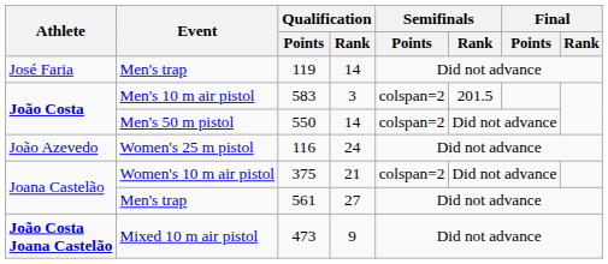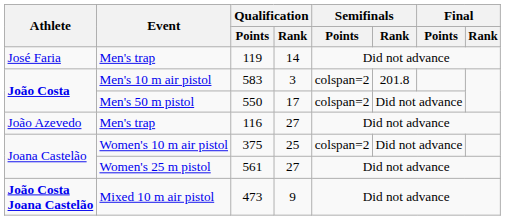 <table class="wikitable" style="font-size:90%; text-align:center;">
 <tr>
 <th rowspan=2>Athlete</th>
 <th rowspan=2>Event</th>
 <th colspan=2>Qualification</th>
 <th colspan=2>Semifinals</th>
 <th colspan=2>Final</th>
 </tr>
 <tr style="font-size:95%">
 <th>Points</th>
 <th>Rank</th>
 <th>Points</th>
 <th>Rank</th>
 <th>Points</th>
 <th>Rank</th>
 </tr>
 <tr>
 <td align=left><a href='#'>José Faria</a></td>
 <td align=left><a href='#'>Men's trap</a></td>
 <td>119</td>
 <td>14</td>
 <td colspan=4>Did not advance</td>
 </tr>
 <tr>
 <td align=left rowspan=2><strong><a href='#'>João Costa</a></strong></td>
 <td align=left><a href='#'>Men's 10 m air pistol</a></td>
 <td>583</td>
 <td>3 <strong></strong></td>
 <td>colspan=2 </td>
-<td>201.5</td>
+<td>201.8</td>
 <td></td>
 </tr>
 <tr>
 <td align=left><a href='#'>Men's 50 m pistol</a></td>
 <td>550</td>
-<td>14</td>
+<td>17</td>
 <td>colspan=2 </td>
 <td colspan=2>Did not advance</td>
 </tr>
 <tr>
 <td align=left><a href='#'>João Azevedo</a></td>
-<td align=left><a href='#'>Women's 25 m pistol</a></td>
+<td align=left><a href='#'>Men's trap</a></td>
 <td>116</td>
-<td>24</td>
+<td>27</td>
 <td colspan=4>Did not advance</td>
 </tr>
 <tr>
 <td align=left rowspan=2><a href='#'>Joana Castelão</a></td>
 <td align=left><a href='#'>Women's 10 m air pistol</a></td>
 <td>375</td>
-<td>21</td>
+<td>25</td>
 <td>colspan=2 </td>
 <td colspan=2>Did not advance</td>
 </tr>
 <tr>
-<td align=left><a href='#'>Men's trap</a></td>
+<td align=left><a href='#'>Women's 25 m pistol</a></td>
 <td>561</td>
 <td>27</td>
 <td colspan=4>Did not advance</td>
 </tr>
 <tr>
 <td align=left><strong><a href='#'>João Costa</a><br><a href='#'>Joana Castelão</a></strong></td>
 <td align=left><a href='#'>Mixed 10 m air pistol</a></td>
 <td>473</td>
 <td>9</td>
 <td colspan=4>Did not advance</td>
 </tr>
 </table>
